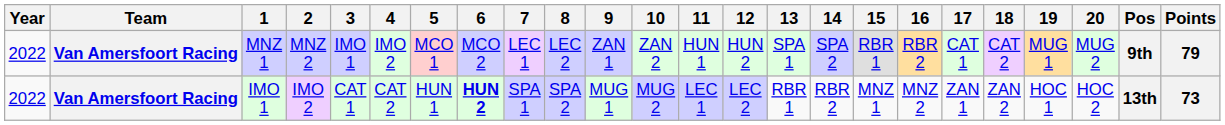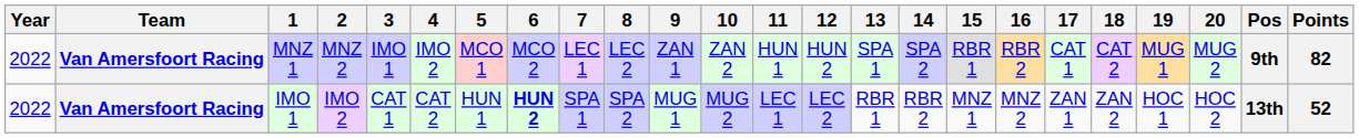 <table class="wikitable" style="text-align:center; font-size:85%;">
 <tr>
 <th>Year</th>
 <th>Team</th>
 <th>1</th>
 <th>2</th>
 <th>3</th>
 <th>4</th>
 <th>5</th>
 <th>6</th>
 <th>7</th>
 <th>8</th>
 <th>9</th>
 <th>10</th>
 <th>11</th>
 <th>12</th>
 <th>13</th>
 <th>14</th>
 <th>15</th>
 <th>16</th>
 <th>17</th>
 <th>18</th>
 <th>19</th>
 <th>20</th>
 <th>Pos</th>
 <th>Points</th>
 </tr>
 <tr>
 <td><a href='#'>2022</a></td>
 <th nowrap><a href='#'>Van Amersfoort Racing</a></th>
 <td style="background:#CFCFFF;"><a href='#'>MNZ<br>1</a><br></td>
 <td style="background:#CFCFFF;"><a href='#'>MNZ<br>2</a><br></td>
 <td style="background:#CFCFFF;"><a href='#'>IMO<br>1</a><br></td>
 <td style="background:#DFFFDF;"><a href='#'>IMO<br>2</a><br></td>
 <td style="background:#FFCFCF;"><a href='#'>MCO<br>1</a><br></td>
 <td style="background:#CFCFFF;"><a href='#'>MCO<br>2</a><br></td>
 <td style="background:#EFCFFF;"><a href='#'>LEC<br>1</a><br></td>
 <td style="background:#CFCFFF;"><a href='#'>LEC<br>2</a><br></td>
 <td style="background:#CFCFFF;"><a href='#'>ZAN<br>1</a><br></td>
 <td style="background:#DFFFDF;"><a href='#'>ZAN<br>2</a><br></td>
 <td style="background:#DFFFDF;"><a href='#'>HUN<br>1</a><br></td>
 <td style="background:#DFFFDF;"><a href='#'>HUN<br>2</a><br></td>
 <td style="background:#DFFFDF;"><a href='#'>SPA<br>1</a><br></td>
 <td style="background:#CFCFFF;"><a href='#'>SPA<br>2</a><br></td>
 <td style="background:#DFDFDF;"><a href='#'>RBR<br>1</a><br></td>
 <td style="background:#FFDF9F;"><a href='#'>RBR<br>2</a><br></td>
 <td style="background:#DFFFDF;"><a href='#'>CAT<br>1</a><br></td>
 <td style="background:#EFCFFF;"><a href='#'>CAT<br>2</a><br></td>
 <td style="background:#FFDF9F;"><a href='#'>MUG<br>1</a><br></td>
 <td style="background:#DFFFDF;"><a href='#'>MUG<br>2</a><br></td>
 <th>9th</th>
-<th>79</th>
+<th>82</th>
 </tr>
 <tr>
 <td><a href='#'>2022</a></td>
 <th nowrap><a href='#'>Van Amersfoort Racing</a></th>
 <td style="background:#DFFFDF;"><a href='#'>IMO<br>1</a><br></td>
 <td style="background:#EFCFFF;"><a href='#'>IMO<br>2</a><br></td>
 <td style="background:#DFFFDF;"><a href='#'>CAT<br>1</a><br></td>
 <td style="background:#DFFFDF;"><a href='#'>CAT<br>2</a><br></td>
 <td style="background:#DFFFDF;"><a href='#'>HUN<br>1</a><br></td>
 <td style="background:#DFFFDF;"><a href='#'><strong>HUN<br>2</strong></a><br></td>
 <td style="background:#CFCFFF;"><a href='#'>SPA<br>1</a><br></td>
 <td style="background:#CFCFFF;"><a href='#'>SPA<br>2</a><br></td>
 <td style="background:#DFFFDF;"><a href='#'>MUG<br>1</a><br></td>
 <td style="background:#CFCFFF;"><a href='#'>MUG<br>2</a><br></td>
 <td style="background:#CFCFFF;"><a href='#'>LEC<br>1</a><br></td>
 <td style="background:#CFCFFF;"><a href='#'>LEC<br>2</a><br></td>
 <td><a href='#'>RBR<br>1</a></td>
 <td><a href='#'>RBR<br>2</a></td>
 <td><a href='#'>MNZ<br>1</a></td>
 <td><a href='#'>MNZ<br>2</a></td>
 <td><a href='#'>ZAN<br>1</a></td>
 <td><a href='#'>ZAN<br>2</a></td>
 <td><a href='#'>HOC<br>1</a></td>
 <td><a href='#'>HOC<br>2</a></td>
 <th>13th</th>
-<th>73</th>
+<th>52</th>
 </tr>
 </table>
